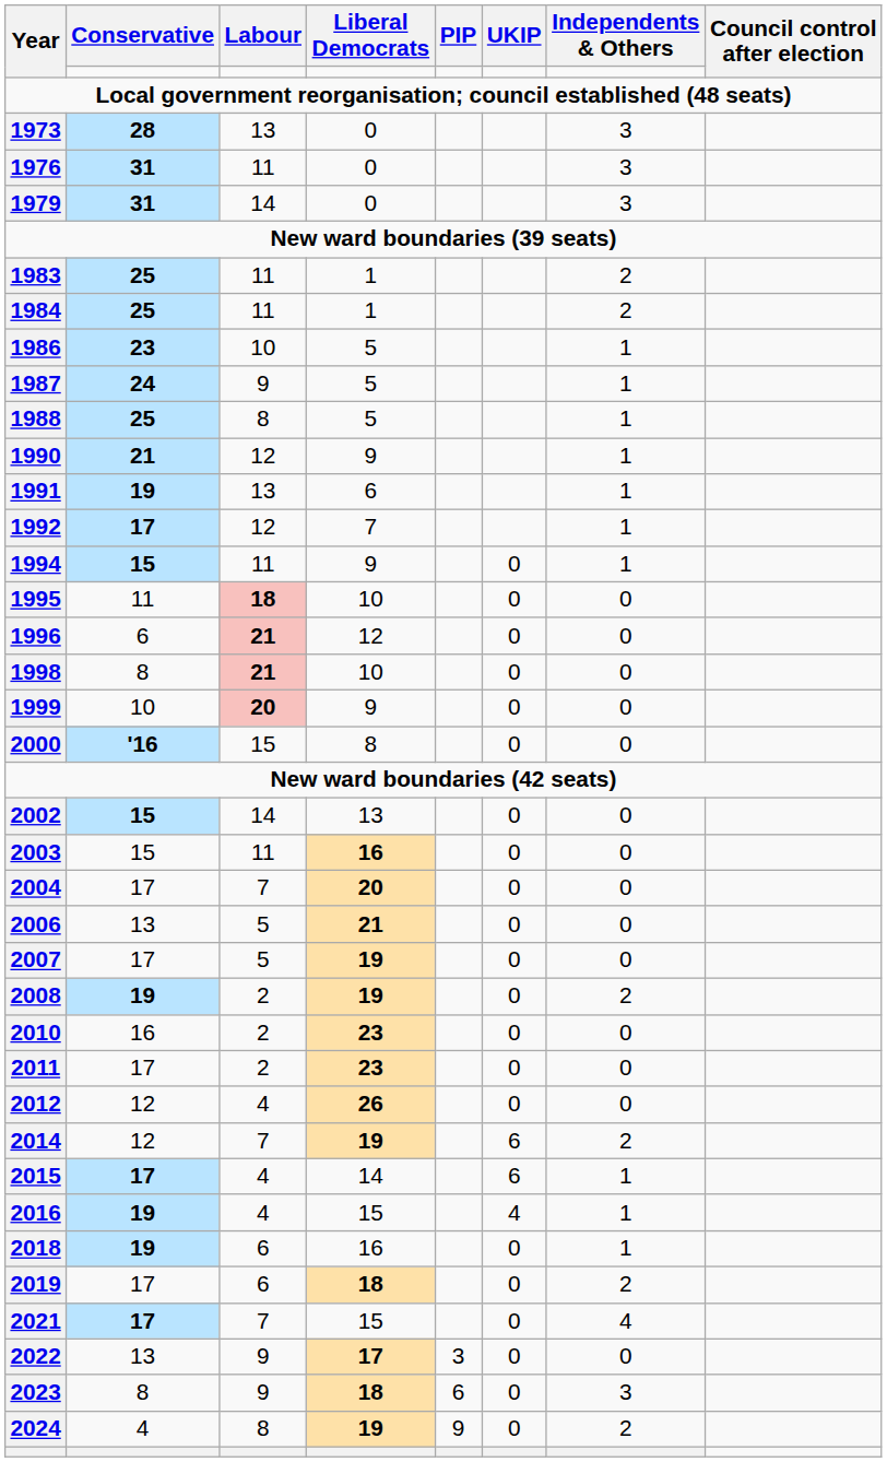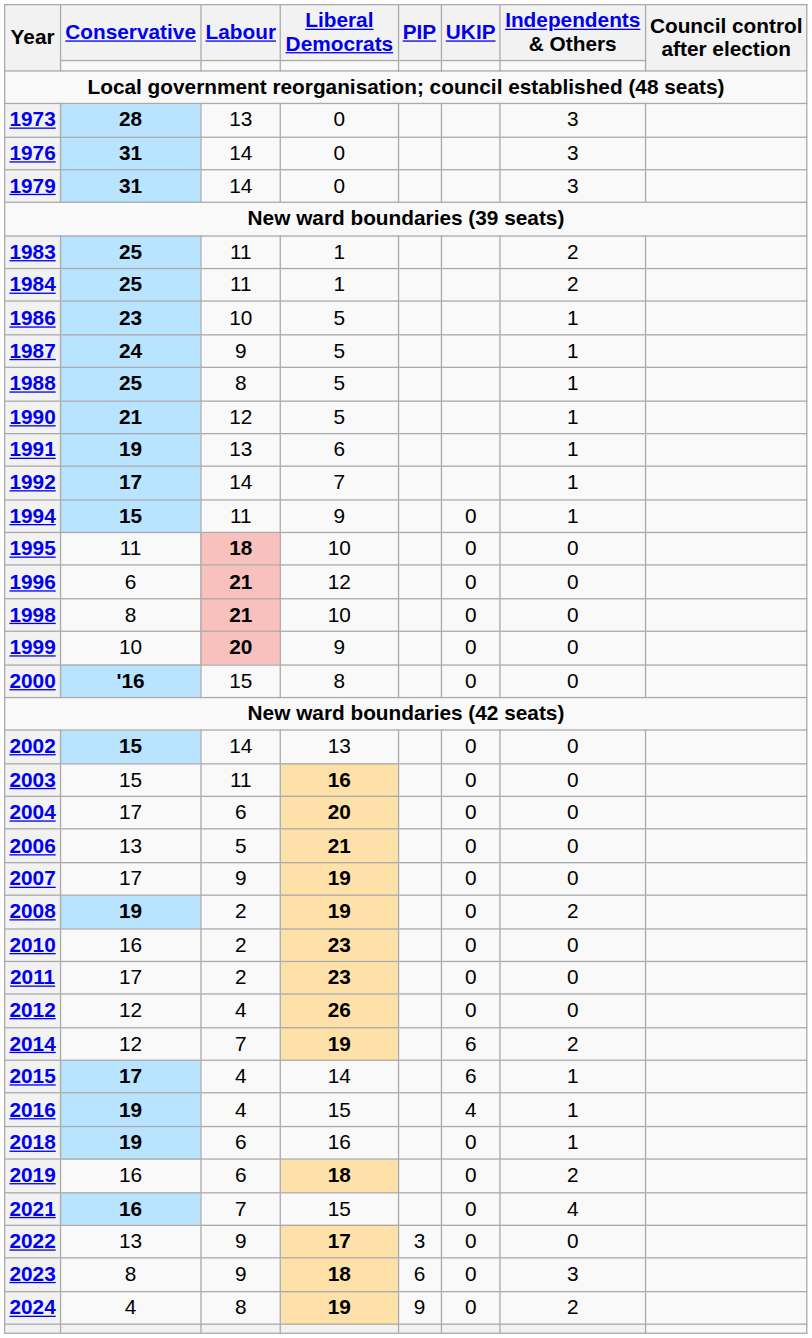 <table class="wikitable plainrowheaders" style="text-align:center">
 <tr>
 <th scope="col" rowspan="2">Year</th>
 <th scope="col"><a href='#'>Conservative</a></th>
 <th scope="col"><a href='#'>Labour</a></th>
 <th scope="col" style="width:1px"><a href='#'>Liberal Democrats</a></th>
 <th scope="col"><a href='#'>PIP</a></th>
 <th scope="col"><a href='#'>UKIP</a></th>
 <th scope="col"><a href='#'>Independents</a><br>& Others</th>
 <th scope="col" rowspan="2" colspan="2">Council control<br>after election</th>
 </tr>
 <tr>
 <td style="background:"></td>
 <td style="background:"></td>
 <td style="background:"></td>
 <td style="background:"></td>
 <td style="background:"></td>
 <td style="background:"></td>
 </tr>
 <tr>
 <td colspan="9"><strong>Local government reorganisation; council established (48 seats)</strong></td>
 </tr>
 <tr>
 <th scope="row"><a href='#'>1973</a></th>
 <td style="background:#B9E4FF;"><strong>28</strong></td>
 <td>13</td>
 <td>0</td>
 <td></td>
 <td></td>
 <td>3</td>
 <td></td>
 </tr>
 <tr>
 <th scope="row"><a href='#'>1976</a></th>
 <td style="background:#B9E4FF;"><strong>31</strong></td>
-<td>11</td>
+<td>14</td>
 <td>0</td>
 <td></td>
 <td></td>
 <td>3</td>
 <td></td>
 </tr>
 <tr>
 <th scope="row"><a href='#'>1979</a></th>
 <td style="background:#B9E4FF;"><strong>31</strong></td>
 <td>14</td>
 <td>0</td>
 <td></td>
 <td></td>
 <td>3</td>
 <td></td>
 </tr>
 <tr>
 <td colspan="9"><strong>New ward boundaries (39 seats)</strong></td>
 </tr>
 <tr>
 <th scope="row"><a href='#'>1983</a></th>
 <td style="background:#B9E4FF;"><strong>25</strong></td>
 <td>11</td>
 <td>1</td>
 <td></td>
 <td></td>
 <td>2</td>
 <td></td>
 </tr>
 <tr>
 <th scope="row"><a href='#'>1984</a></th>
 <td style="background:#B9E4FF;"><strong>25</strong></td>
 <td>11</td>
 <td>1</td>
 <td></td>
 <td></td>
 <td>2</td>
 <td></td>
 </tr>
 <tr>
 <th scope="row"><a href='#'>1986</a></th>
 <td style="background:#B9E4FF;"><strong>23</strong></td>
 <td>10</td>
 <td>5</td>
 <td></td>
 <td></td>
 <td>1</td>
 <td></td>
 </tr>
 <tr>
 <th scope="row"><a href='#'>1987</a></th>
 <td style="background:#B9E4FF;"><strong>24</strong></td>
 <td>9</td>
 <td>5</td>
 <td></td>
 <td></td>
 <td>1</td>
 <td></td>
 </tr>
 <tr>
 <th scope="row"><a href='#'>1988</a></th>
 <td style="background:#B9E4FF;"><strong>25</strong></td>
 <td>8</td>
 <td>5</td>
 <td></td>
 <td></td>
 <td>1</td>
 <td></td>
 </tr>
 <tr>
 <th scope="row"><a href='#'>1990</a></th>
 <td style="background:#B9E4FF;"><strong>21</strong></td>
 <td>12</td>
-<td>9</td>
+<td>5</td>
 <td></td>
 <td></td>
 <td>1</td>
 <td></td>
 </tr>
 <tr>
 <th scope="row"><a href='#'>1991</a></th>
 <td style="background:#B9E4FF;"><strong>19</strong></td>
 <td>13</td>
 <td>6</td>
 <td></td>
 <td></td>
 <td>1</td>
 <td></td>
 </tr>
 <tr>
 <th scope="row"><a href='#'>1992</a></th>
 <td style="background:#B9E4FF;"><strong>17</strong></td>
-<td>12</td>
+<td>14</td>
 <td>7</td>
 <td></td>
 <td></td>
 <td>1</td>
 <td></td>
 </tr>
 <tr>
 <th scope="row"><a href='#'>1994</a></th>
 <td style="background:#B9E4FF;"><strong>15</strong></td>
 <td>11</td>
 <td>9</td>
 <td></td>
 <td>0</td>
 <td>1</td>
 <td></td>
 </tr>
 <tr>
 <th scope="row"><a href='#'>1995</a></th>
 <td>11</td>
 <td style="background:#F8C1BE;"><strong>18</strong></td>
 <td>10</td>
 <td></td>
 <td>0</td>
 <td>0</td>
 <td></td>
 </tr>
 <tr>
 <th scope="row"><a href='#'>1996</a></th>
 <td>6</td>
 <td style="background:#F8C1BE;"><strong>21</strong></td>
 <td>12</td>
 <td></td>
 <td>0</td>
 <td>0</td>
 <td></td>
 </tr>
 <tr>
 <th scope="row"><a href='#'>1998</a></th>
 <td>8</td>
 <td style="background:#F8C1BE;"><strong>21</strong></td>
 <td>10</td>
 <td></td>
 <td>0</td>
 <td>0</td>
 <td></td>
 </tr>
 <tr>
 <th scope="row"><a href='#'>1999</a></th>
 <td>10</td>
 <td style="background:#F8C1BE;"><strong>20</strong></td>
 <td>9</td>
 <td></td>
 <td>0</td>
 <td>0</td>
 <td></td>
 </tr>
 <tr>
 <th scope="row"><a href='#'>2000</a></th>
 <td style="background:#B9E4FF;"><strong>'16</strong></td>
 <td>15</td>
 <td>8</td>
 <td></td>
 <td>0</td>
 <td>0</td>
 <td></td>
 </tr>
 <tr>
 <td colspan="9"><strong>New ward boundaries (42 seats)</strong></td>
 </tr>
 <tr>
 <th scope="row"><a href='#'>2002</a></th>
 <td style="background:#B9E4FF;"><strong>15</strong></td>
 <td>14</td>
 <td>13</td>
 <td></td>
 <td>0</td>
 <td>0</td>
 <td></td>
 </tr>
 <tr>
 <th scope="row"><a href='#'>2003</a></th>
 <td>15</td>
 <td>11</td>
 <td style="background:#FEE1A8"><strong>16</strong></td>
 <td></td>
 <td>0</td>
 <td>0</td>
 <td></td>
 </tr>
 <tr>
 <th scope="row"><a href='#'>2004</a></th>
 <td>17</td>
-<td>7</td>
+<td>6</td>
 <td style="background:#FEE1A8"><strong>20</strong></td>
 <td></td>
 <td>0</td>
 <td>0</td>
 <td></td>
 </tr>
 <tr>
 <th scope="row"><a href='#'>2006</a></th>
 <td>13</td>
 <td>5</td>
 <td style="background:#FEE1A8"><strong>21</strong></td>
 <td></td>
 <td>0</td>
 <td>0</td>
 <td></td>
 </tr>
 <tr>
 <th scope="row"><a href='#'>2007</a></th>
 <td>17</td>
-<td>5</td>
+<td>9</td>
 <td style="background:#FEE1A8"><strong>19</strong></td>
 <td></td>
 <td>0</td>
 <td>0</td>
 <td></td>
 </tr>
 <tr>
 <th scope="row"><a href='#'>2008</a></th>
 <td style="background:#B9E4FF;"><strong>19</strong></td>
 <td>2</td>
 <td style="background:#FEE1A8"><strong>19</strong></td>
 <td></td>
 <td>0</td>
 <td>2</td>
 <td></td>
 </tr>
 <tr>
 <th scope="row"><a href='#'>2010</a></th>
 <td>16</td>
 <td>2</td>
 <td style="background:#FEE1A8"><strong>23</strong></td>
 <td></td>
 <td>0</td>
 <td>0</td>
 <td></td>
 </tr>
 <tr>
 <th scope="row"><a href='#'>2011</a></th>
 <td>17</td>
 <td>2</td>
 <td style="background:#FEE1A8"><strong>23</strong></td>
 <td></td>
 <td>0</td>
 <td>0</td>
 <td></td>
 </tr>
 <tr>
 <th scope="row"><a href='#'>2012</a></th>
 <td>12</td>
 <td>4</td>
 <td style="background:#FEE1A8"><strong>26</strong></td>
 <td></td>
 <td>0</td>
 <td>0</td>
 <td></td>
 </tr>
 <tr>
 <th scope="row"><a href='#'>2014</a></th>
 <td>12</td>
 <td>7</td>
 <td style="background:#FEE1A8"><strong>19</strong></td>
 <td></td>
 <td>6</td>
 <td>2</td>
 <td></td>
 </tr>
 <tr>
 <th scope="row"><a href='#'>2015</a></th>
 <td style="background:#B9E4FF;"><strong>17</strong></td>
 <td>4</td>
 <td>14</td>
 <td></td>
 <td>6</td>
 <td>1</td>
 <td></td>
 </tr>
 <tr>
 <th scope="row"><a href='#'>2016</a></th>
 <td style="background:#B9E4FF;"><strong>19</strong></td>
 <td>4</td>
 <td>15</td>
 <td></td>
 <td>4</td>
 <td>1</td>
 <td></td>
 </tr>
 <tr>
 <th scope="row"><a href='#'>2018</a></th>
 <td style="background:#B9E4FF;"><strong>19</strong></td>
 <td>6</td>
 <td>16</td>
 <td></td>
 <td>0</td>
 <td>1</td>
 <td></td>
 </tr>
 <tr>
 <th scope="row"><a href='#'>2019</a></th>
-<td>17</td>
+<td>16</td>
 <td>6</td>
 <td style="background:#FEE1A8"><strong>18</strong></td>
 <td></td>
 <td>0</td>
 <td>2</td>
 <td></td>
 </tr>
 <tr>
 <th scope="row"><a href='#'>2021</a></th>
-<td style="background:#B9E4FF;"><strong>17</strong></td>
+<td style="background:#B9E4FF;"><strong>16</strong></td>
 <td>7</td>
 <td>15</td>
 <td></td>
 <td>0</td>
 <td>4</td>
 <td></td>
 </tr>
 <tr>
 <th scope="row"><a href='#'>2022</a></th>
 <td>13</td>
 <td>9</td>
 <td style="background:#FEE1A8"><strong>17</strong></td>
 <td>3</td>
 <td>0</td>
 <td>0</td>
 <td></td>
 </tr>
 <tr>
 <th scope="row"><a href='#'>2023</a></th>
 <td>8</td>
 <td>9</td>
 <td style="background:#FEE1A8"><strong>18</strong></td>
 <td>6</td>
 <td>0</td>
 <td>3</td>
 <td></td>
 </tr>
 <tr>
 <th scope="row"><a href='#'>2024</a></th>
 <td>4</td>
 <td>8</td>
 <td style="background:#FEE1A8"><strong>19</strong></td>
 <td>9</td>
 <td>0</td>
 <td>2</td>
 <td></td>
 </tr>
 <tr>
 <th></th>
 <th style="background-color: "></th>
 <th style="background-color: "></th>
 <th style="background-color: "></th>
 <th style="background-color: "></th>
 <th style="background-color: "></th>
 <th style="background-color: "></th>
 </tr>
 </table>
